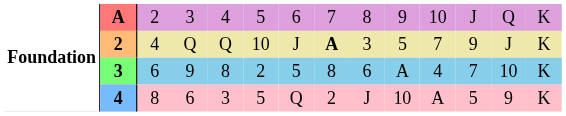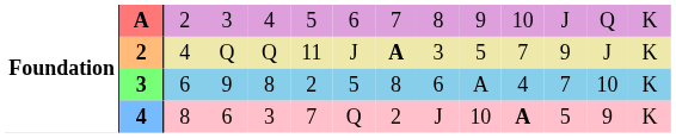 <table cellspacing="0" cellpadding="3" style="text-align: center">
 <tr bgcolor="plum">
 <th rowspan="4" bgcolor="#ffffff" style="border-right: 1px solid #000">Foundation</th>
 <th bgcolor="#ff7777" style="border-right: 1px solid #000; width: 1.6em">A</th>
 <td style="width: 1.6em">2</td>
 <td style="width: 1.6em">3</td>
 <td style="width: 1.6em">4</td>
 <td style="width: 1.6em">5</td>
 <td style="width: 1.6em">6</td>
 <td style="width: 1.6em">7</td>
 <td style="width: 1.6em">8</td>
 <td style="width: 1.6em">9</td>
 <td style="width: 1.6em">10</td>
 <td style="width: 1.6em">J</td>
 <td style="width: 1.6em">Q</td>
 <td style="width: 1.6em">K</td>
 </tr>
 <tr bgcolor="palegoldenrod">
 <th bgcolor="#ffbb77" style="border-right: 1px solid #000">2</th>
 <td>4</td>
 <td>Q</td>
 <td>Q</td>
-<td>10</td>
+<td>11</td>
 <td>J</td>
 <td><strong>A</strong></td>
 <td>3</td>
 <td>5</td>
 <td>7</td>
 <td>9</td>
 <td>J</td>
 <td>K</td>
 </tr>
 <tr bgcolor="skyblue">
 <th bgcolor="#77ff77" style="border-right: 1px solid #000">3</th>
 <td>6</td>
 <td>9</td>
 <td>8</td>
 <td>2</td>
 <td>5</td>
 <td>8</td>
 <td>6</td>
 <td>A</td>
 <td>4</td>
 <td>7</td>
 <td>10</td>
 <td>K</td>
 </tr>
 <tr bgcolor="pink">
 <th bgcolor="#77bbff" style="border-right: 1px solid #000">4</th>
 <td>8</td>
 <td>6</td>
 <td>3</td>
-<td>5</td>
+<td>7</td>
 <td>Q</td>
 <td>2</td>
 <td>J</td>
 <td>10</td>
-<td>A</td>
+<td><strong>A</strong></td>
 <td>5</td>
 <td>9</td>
 <td>K</td>
 </tr>
 <tr>
 </tr>
 </table>
